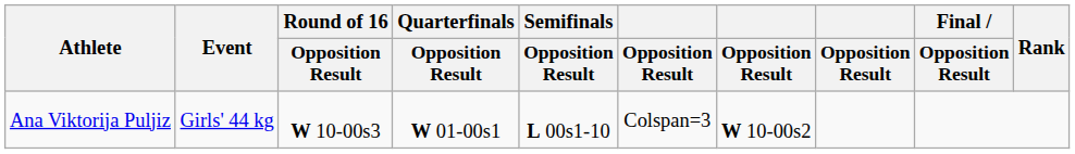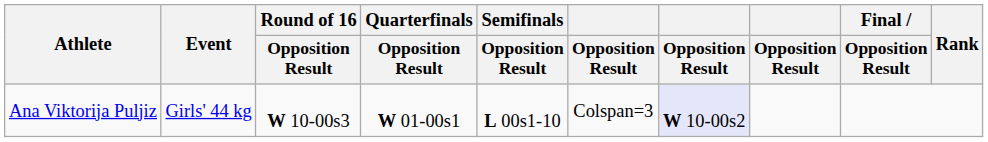 <table class="wikitable" style="font-size:90%">
 <tr>
 <th rowspan="2">Athlete</th>
 <th rowspan="2">Event</th>
 <th>Round of 16</th>
 <th>Quarterfinals</th>
 <th>Semifinals</th>
 <th></th>
 <th></th>
 <th></th>
 <th>Final / </th>
 <th rowspan=2>Rank</th>
 </tr>
 <tr style="font-size:95%">
 <th>Opposition<br>Result</th>
 <th>Opposition<br>Result</th>
 <th>Opposition<br>Result</th>
 <th>Opposition<br>Result</th>
 <th>Opposition<br>Result</th>
 <th>Opposition<br>Result</th>
 <th>Opposition<br>Result</th>
 </tr>
 <tr align=center>
 <td align=left><a href='#'>Ana Viktorija Puljiz</a></td>
 <td align=left><a href='#'>Girls' 44 kg</a></td>
 <td><br> <strong>W</strong> 10-00s3</td>
 <td><br> <strong>W</strong> 01-00s1</td>
 <td><br> <strong>L</strong> 00s1-10</td>
 <td>Colspan=3 </td>
-<td><br> <strong>W</strong> 10-00s2</td>
+<td style="background: lavender;"><br> <strong>W</strong> 10-00s2</td>
 <td></td>
 </tr>
 </table>
